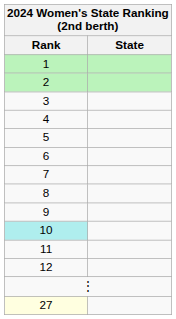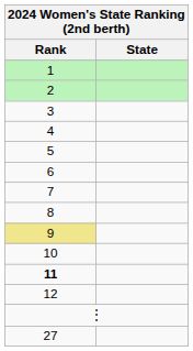 <table class="wikitable" style="text-align:center">
 <tr>
 <th colspan=2>2024 Women's State Ranking<br>(2nd berth)</th>
 </tr>
 <tr>
 <th>Rank</th>
 <th>State</th>
 </tr>
 <tr>
 <td bgcolor=#BBF3BB>1</td>
 <td bgcolor=#BBF3BB align=left></td>
 </tr>
 <tr>
 <td bgcolor=#BBF3BB>2</td>
 <td bgcolor=#BBF3BB align=left></td>
 </tr>
 <tr>
 <td>3</td>
 <td align=left></td>
 </tr>
 <tr>
 <td>4</td>
 <td align=left></td>
 </tr>
 <tr>
 <td>5</td>
 <td align=left></td>
 </tr>
 <tr>
 <td>6</td>
 <td align=left></td>
 </tr>
 <tr>
 <td>7</td>
 <td align=left></td>
 </tr>
 <tr>
 <td>8</td>
 <td align=left></td>
 </tr>
 <tr>
-<td>9</td>
+<td style="background: khaki;">9</td>
 <td align=left></td>
 </tr>
 <tr>
-<td style="background: paleturquoise;">10</td>
+<td>10</td>
 <td align=left></td>
 </tr>
 <tr>
-<td>11</td>
+<td><strong>11</strong></td>
 <td align=left></td>
 </tr>
 <tr>
 <td>12</td>
 <td align=left></td>
 </tr>
 <tr>
 <td colspan=2>⋮</td>
 </tr>
 <tr>
-<td style="background: lightyellow;">27</td>
+<td>27</td>
 <td align=left></td>
 </tr>
 </table>
